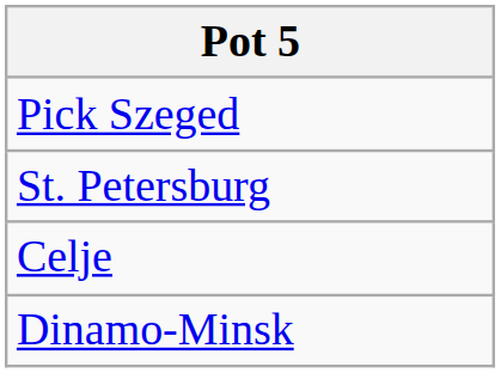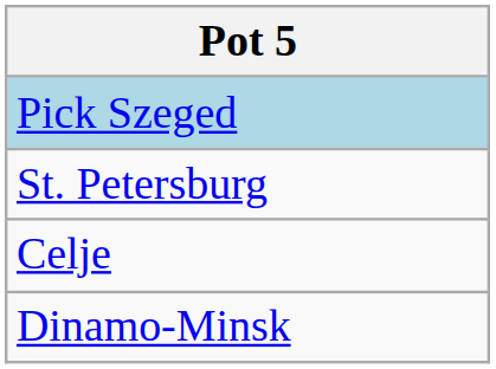 <table class="wikitable">
 <tr>
 <th width=165>Pot 5</th>
 </tr>
 <tr>
-<td> <a href='#'>Pick Szeged</a></td>
+<td style="background: lightblue;"> <a href='#'>Pick Szeged</a></td>
 </tr>
 <tr>
 <td> <a href='#'>St. Petersburg</a></td>
 </tr>
 <tr>
 <td> <a href='#'>Celje</a></td>
 </tr>
 <tr>
 <td> <a href='#'>Dinamo-Minsk</a></td>
 </tr>
 </table>
